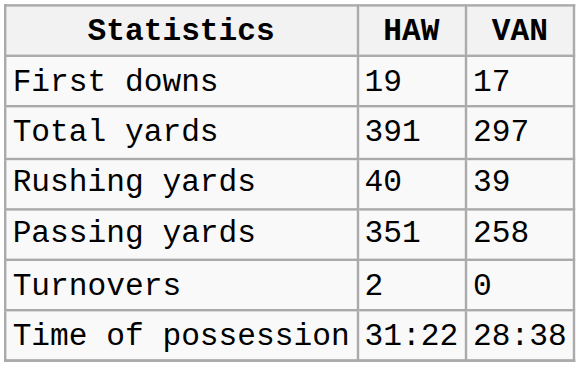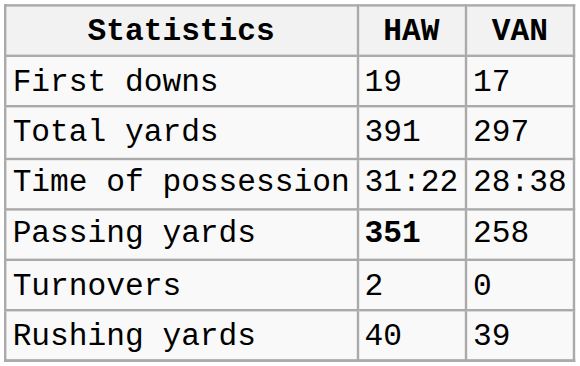 <table class="wikitable" style="float: left;">
 <tr>
 <th>Statistics</th>
 <th>HAW</th>
 <th>VAN</th>
 </tr>
 <tr>
 <td>First downs</td>
 <td>19</td>
 <td>17</td>
 </tr>
 <tr>
 <td>Total yards</td>
 <td>391</td>
 <td>297</td>
 </tr>
 <tr>
-<td>Rushing yards</td>
-<td>40</td>
-<td>39</td>
+<td>Time of possession</td>
+<td>31:22</td>
+<td>28:38</td>
 </tr>
 <tr>
 <td>Passing yards</td>
-<td>351</td>
+<td><strong>351</strong></td>
 <td>258</td>
 </tr>
 <tr>
 <td>Turnovers</td>
 <td>2</td>
 <td>0</td>
 </tr>
 <tr>
-<td>Time of possession</td>
-<td>31:22</td>
-<td>28:38</td>
+<td>Rushing yards</td>
+<td>40</td>
+<td>39</td>
 </tr>
 <tr>
 </tr>
 </table>
